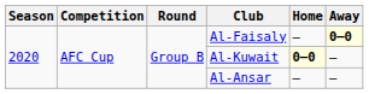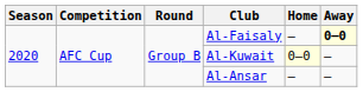 <table class="wikitable">
 <tr>
 <th>Season</th>
 <th>Competition</th>
 <th>Round</th>
 <th>Club</th>
 <th>Home</th>
 <th>Away</th>
 </tr>
 <tr>
 <td rowspan="3"><a href='#'>2020</a></td>
 <td rowspan="3"><a href='#'>AFC Cup</a></td>
 <td rowspan="3"><a href='#'>Group B</a></td>
 <td> <a href='#'>Al-Faisaly</a></td>
 <td>–</td>
 <td style="background:#ffd;"><strong>0–0</strong></td>
 </tr>
 <tr>
 <td> <a href='#'>Al-Kuwait</a></td>
-<td style="background:#ffd;"><strong>0–0</strong></td>
+<td style="background:#ffd;">0–0</td>
 <td>–</td>
 </tr>
 <tr>
 <td> <a href='#'>Al-Ansar</a></td>
 <td>–</td>
 <td>–</td>
 </tr>
 </table>
